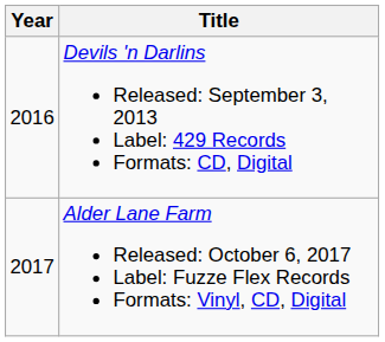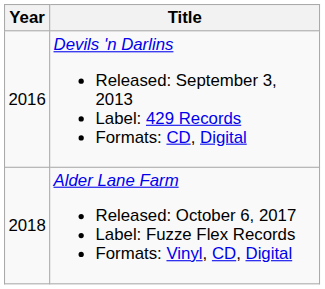 <table class="wikitable">
 <tr>
 <th>Year</th>
 <th width="250">Title</th>
 </tr>
 <tr>
 <td>2016</td>
 <td><em><a href='#'>Devils 'n Darlins</a></em><br><ul><li>Released: September 3, 2013</li><li>Label: <a href='#'>429 Records</a></li><li>Formats: <a href='#'>CD</a>, <a href='#'>Digital</a></li></ul></td>
 </tr>
 <tr>
-<td>2017</td>
+<td>2018</td>
 <td><em><a href='#'>Alder Lane Farm</a></em><br><ul><li>Released: October 6, 2017</li><li>Label: Fuzze Flex Records</li><li>Formats: <a href='#'>Vinyl</a>, <a href='#'>CD</a>, <a href='#'>Digital</a></li></ul></td>
 </tr>
 </table>
